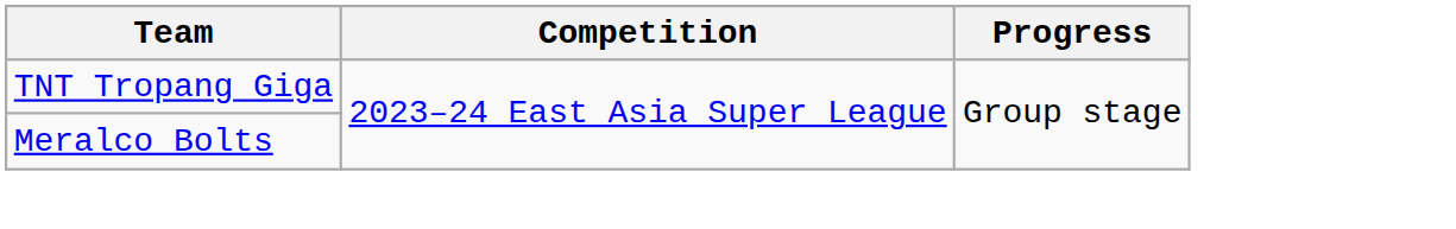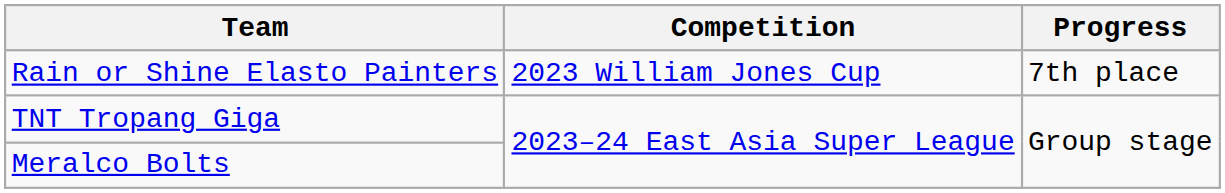 <table class="wikitable sortable">
 <tr>
 <th>Team</th>
 <th>Competition</th>
 <th>Progress</th>
+</tr>
+<tr>
+<td><a href='#'>Rain or Shine Elasto Painters</a></td>
+<td><a href='#'>2023 William Jones Cup</a></td>
+<td>7th place</td>
 </tr>
 <tr>
 <td><a href='#'>TNT Tropang Giga</a></td>
 <td rowspan="2"><a href='#'>2023–24 East Asia Super League</a></td>
 <td rowspan=2>Group stage</td>
 </tr>
 <tr>
 <td><a href='#'>Meralco Bolts</a></td>
 </tr>
 </table>
